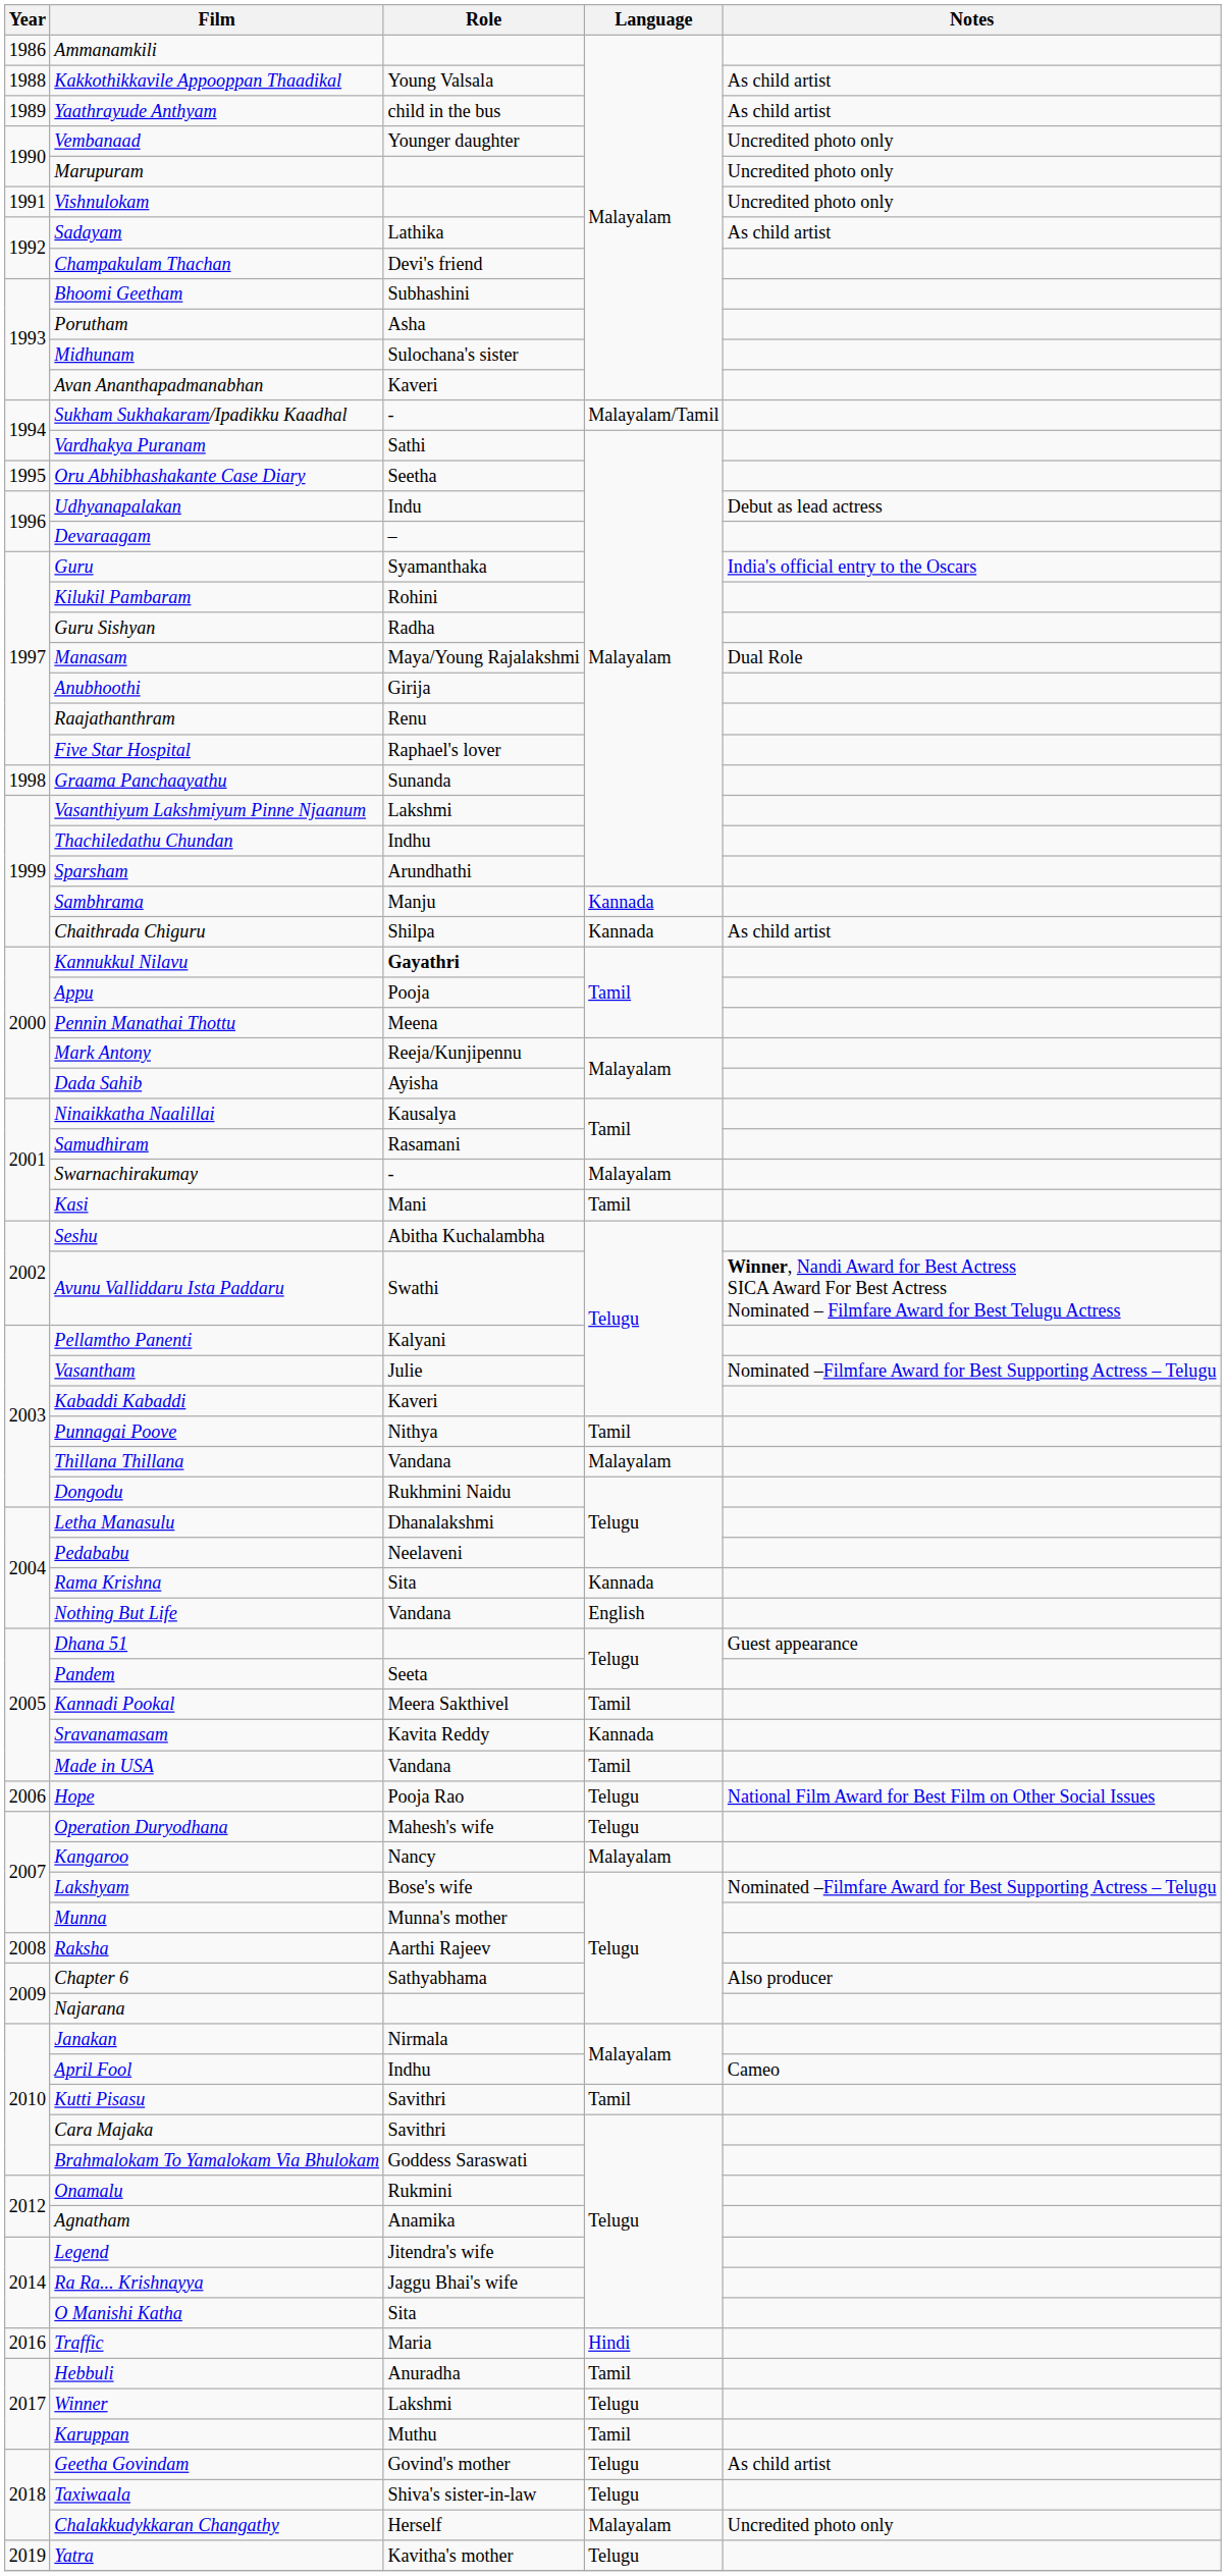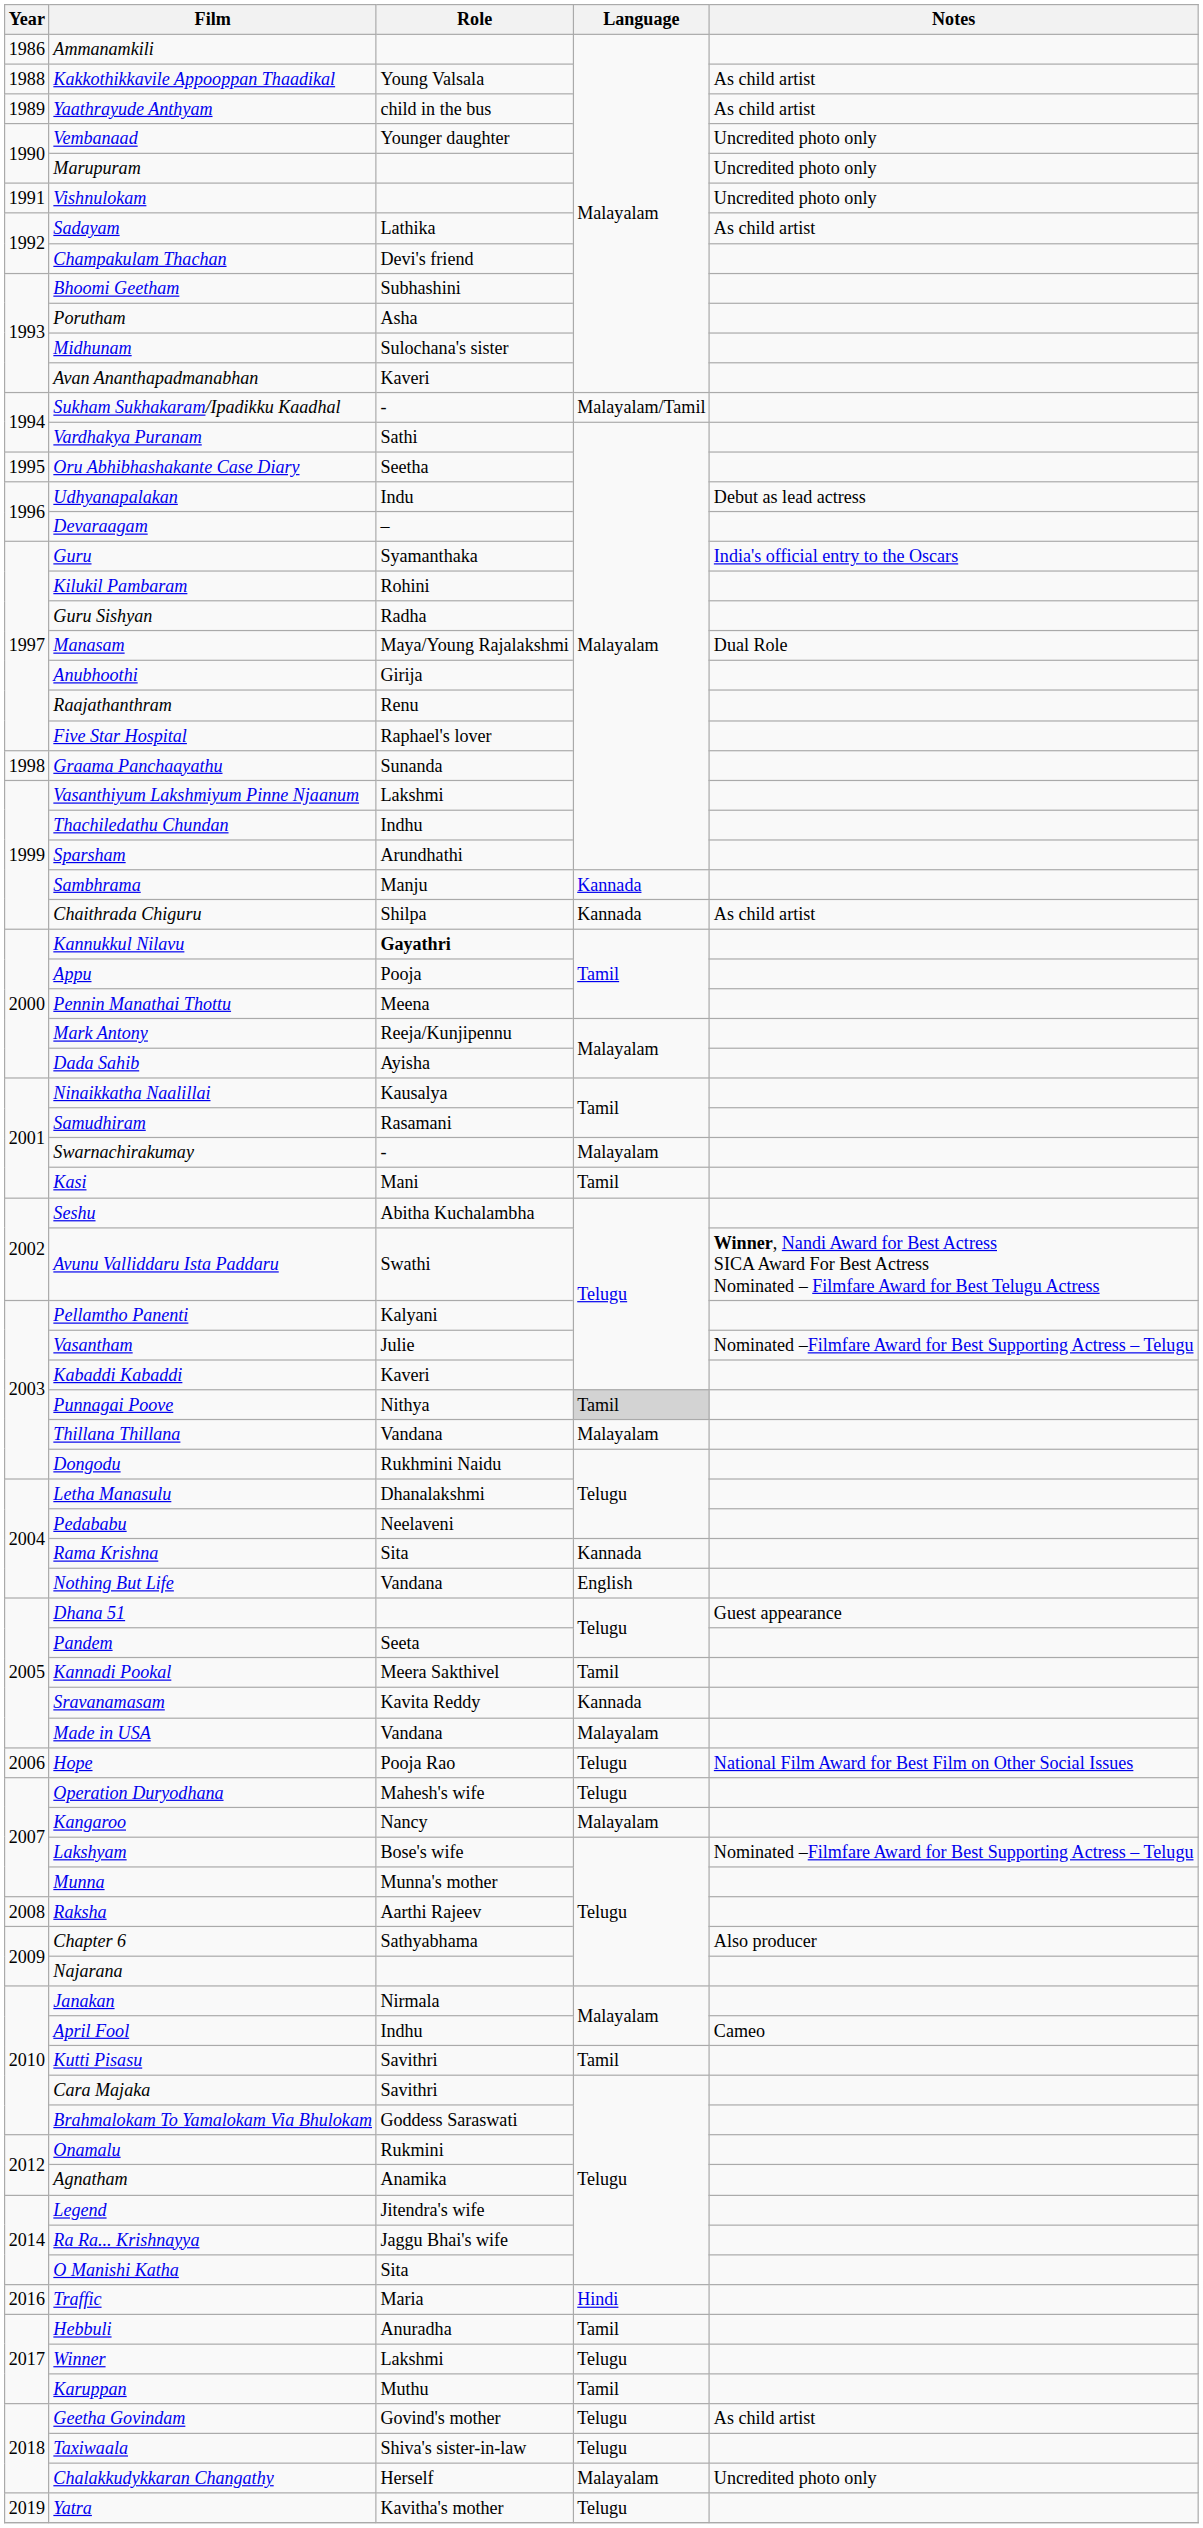 <table class="wikitable sortable" style="font-size: 95%;">
 <tr>
 <th>Year</th>
 <th>Film</th>
 <th>Role</th>
 <th>Language</th>
 <th>Notes</th>
 </tr>
 <tr>
 <td>1986</td>
 <td><em>Ammanamkili</em></td>
 <td></td>
 <td rowspan="12">Malayalam</td>
 <td></td>
 </tr>
 <tr>
 <td>1988</td>
 <td><em><a href='#'>Kakkothikkavile Appooppan Thaadikal</a></em></td>
 <td>Young Valsala</td>
 <td>As child artist</td>
 </tr>
 <tr>
 <td>1989</td>
 <td><em><a href='#'>Yaathrayude Anthyam</a></em></td>
 <td>child in the bus</td>
 <td>As child artist</td>
 </tr>
 <tr>
 <td rowspan="2">1990</td>
 <td><em><a href='#'>Vembanaad</a></em></td>
 <td>Younger daughter</td>
 <td>Uncredited photo only</td>
 </tr>
 <tr>
 <td><em>Marupuram</em></td>
 <td></td>
 <td>Uncredited photo only</td>
 </tr>
 <tr>
 <td>1991</td>
 <td><em><a href='#'>Vishnulokam</a></em></td>
 <td></td>
 <td>Uncredited photo only</td>
 </tr>
 <tr>
 <td rowspan="2">1992</td>
 <td><em><a href='#'>Sadayam</a></em></td>
 <td>Lathika</td>
 <td>As child artist</td>
 </tr>
 <tr>
 <td><em><a href='#'>Champakulam Thachan</a></em></td>
 <td>Devi's friend</td>
 <td></td>
 </tr>
 <tr>
 <td rowspan="4">1993</td>
 <td><em><a href='#'>Bhoomi Geetham</a></em></td>
 <td>Subhashini</td>
 <td></td>
 </tr>
 <tr>
 <td><em>Porutham </em></td>
 <td>Asha</td>
 <td></td>
 </tr>
 <tr>
 <td><em><a href='#'>Midhunam</a></em></td>
 <td>Sulochana's sister</td>
 <td></td>
 </tr>
 <tr>
 <td><em>Avan Ananthapadmanabhan</em></td>
 <td>Kaveri</td>
 <td></td>
 </tr>
 <tr>
 <td rowspan="2">1994</td>
 <td><em><a href='#'>Sukham Sukhakaram</a>/Ipadikku Kaadhal</em></td>
 <td>-</td>
 <td>Malayalam/Tamil</td>
 <td></td>
 </tr>
 <tr>
 <td><em><a href='#'>Vardhakya Puranam</a></em></td>
 <td>Sathi</td>
 <td rowspan="15">Malayalam</td>
 <td></td>
 </tr>
 <tr>
 <td>1995</td>
 <td><em><a href='#'>Oru Abhibhashakante Case Diary</a></em></td>
 <td>Seetha</td>
 <td></td>
 </tr>
 <tr>
 <td rowspan="2">1996</td>
 <td><em><a href='#'>Udhyanapalakan</a></em></td>
 <td>Indu</td>
 <td>Debut as lead actress</td>
 </tr>
 <tr>
 <td><em><a href='#'>Devaraagam</a></em></td>
 <td>–</td>
 <td></td>
 </tr>
 <tr>
 <td rowspan="7">1997</td>
 <td><em><a href='#'>Guru</a></em></td>
 <td>Syamanthaka</td>
 <td><a href='#'>India's official entry to the Oscars</a></td>
 </tr>
 <tr>
 <td><em><a href='#'>Kilukil Pambaram</a></em></td>
 <td>Rohini</td>
 <td></td>
 </tr>
 <tr>
 <td><em>Guru Sishyan</em></td>
 <td>Radha</td>
 <td></td>
 </tr>
 <tr>
 <td><em><a href='#'>Manasam</a></em></td>
 <td>Maya/Young Rajalakshmi</td>
 <td>Dual Role</td>
 </tr>
 <tr>
 <td><em><a href='#'>Anubhoothi</a></em></td>
 <td>Girija</td>
 <td></td>
 </tr>
 <tr>
 <td><em>Raajathanthram</em></td>
 <td>Renu</td>
 <td></td>
 </tr>
 <tr>
 <td><em><a href='#'>Five Star Hospital</a></em></td>
 <td>Raphael's lover</td>
 <td></td>
 </tr>
 <tr>
 <td>1998</td>
 <td><em><a href='#'>Graama Panchaayathu</a></em></td>
 <td>Sunanda</td>
 <td></td>
 </tr>
 <tr>
 <td rowspan="5">1999</td>
 <td><em><a href='#'>Vasanthiyum Lakshmiyum Pinne Njaanum</a></em></td>
 <td>Lakshmi</td>
 <td></td>
 </tr>
 <tr>
 <td><em><a href='#'>Thachiledathu Chundan</a></em></td>
 <td>Indhu</td>
 <td></td>
 </tr>
 <tr>
 <td><em><a href='#'>Sparsham</a></em></td>
 <td>Arundhathi</td>
 <td></td>
 </tr>
 <tr>
 <td><em><a href='#'>Sambhrama</a></em></td>
 <td>Manju</td>
 <td><a href='#'>Kannada</a></td>
 <td></td>
 </tr>
 <tr>
 <td><em>Chaithrada Chiguru</em></td>
 <td>Shilpa</td>
 <td>Kannada</td>
 <td>As child artist</td>
 </tr>
 <tr>
 <td rowspan="5">2000</td>
 <td><em><a href='#'>Kannukkul Nilavu</a></em></td>
 <td><strong>Gayathri</strong></td>
 <td rowspan="3"><a href='#'>Tamil</a></td>
 <td></td>
 </tr>
 <tr>
 <td><em><a href='#'>Appu</a></em></td>
 <td>Pooja</td>
 <td></td>
 </tr>
 <tr>
 <td><em><a href='#'>Pennin Manathai Thottu</a></em></td>
 <td>Meena</td>
 <td></td>
 </tr>
 <tr>
 <td><em><a href='#'>Mark Antony</a></em></td>
 <td>Reeja/Kunjipennu</td>
 <td rowspan="2">Malayalam</td>
 <td></td>
 </tr>
 <tr>
 <td><em><a href='#'>Dada Sahib</a></em></td>
 <td>Ayisha</td>
 <td></td>
 </tr>
 <tr>
 <td rowspan="4">2001</td>
 <td><em><a href='#'>Ninaikkatha Naalillai</a></em></td>
 <td>Kausalya</td>
 <td rowspan="2">Tamil</td>
 <td></td>
 </tr>
 <tr>
 <td><em><a href='#'>Samudhiram</a></em></td>
 <td>Rasamani</td>
 <td></td>
 </tr>
 <tr>
 <td><em>Swarnachirakumay</em></td>
 <td>-</td>
 <td>Malayalam</td>
 <td></td>
 </tr>
 <tr>
 <td><em><a href='#'>Kasi</a></em></td>
 <td>Mani</td>
 <td>Tamil</td>
 <td></td>
 </tr>
 <tr>
 <td rowspan="2">2002</td>
 <td><em><a href='#'>Seshu</a></em></td>
 <td>Abitha Kuchalambha</td>
 <td rowspan="5"><a href='#'>Telugu</a></td>
 <td></td>
 </tr>
 <tr>
 <td><em><a href='#'>Avunu Valliddaru Ista Paddaru</a></em></td>
 <td>Swathi</td>
 <td><strong>Winner</strong>, <a href='#'>Nandi Award for Best Actress</a><br>SICA Award For Best Actress <br>Nominated – <a href='#'>Filmfare Award for Best Telugu Actress</a></td>
 </tr>
 <tr>
 <td rowspan="6">2003</td>
 <td><em><a href='#'>Pellamtho Panenti</a></em></td>
 <td>Kalyani</td>
 <td></td>
 </tr>
 <tr>
 <td><em><a href='#'>Vasantham</a></em></td>
 <td>Julie</td>
 <td>Nominated –<a href='#'>Filmfare Award for Best Supporting Actress – Telugu</a></td>
 </tr>
 <tr>
 <td><em><a href='#'>Kabaddi Kabaddi</a></em></td>
 <td>Kaveri</td>
 <td></td>
 </tr>
 <tr>
 <td><em><a href='#'>Punnagai Poove</a></em></td>
 <td>Nithya</td>
-<td>Tamil</td>
+<td style="background: lightgrey;">Tamil</td>
 <td></td>
 </tr>
 <tr>
 <td><em><a href='#'>Thillana Thillana</a></em></td>
 <td>Vandana</td>
 <td>Malayalam</td>
 <td></td>
 </tr>
 <tr>
 <td><em><a href='#'>Dongodu</a></em></td>
 <td>Rukhmini Naidu</td>
 <td rowspan="3">Telugu</td>
 <td></td>
 </tr>
 <tr>
 <td rowspan="4">2004</td>
 <td><em><a href='#'>Letha Manasulu</a></em></td>
 <td>Dhanalakshmi</td>
 <td></td>
 </tr>
 <tr>
 <td><em><a href='#'>Pedababu</a></em></td>
 <td>Neelaveni</td>
 <td></td>
 </tr>
 <tr>
 <td><em><a href='#'>Rama Krishna</a></em></td>
 <td>Sita</td>
 <td>Kannada</td>
 <td></td>
 </tr>
 <tr>
 <td><em><a href='#'>Nothing But Life</a></em></td>
 <td>Vandana</td>
 <td>English</td>
 <td></td>
 </tr>
 <tr>
 <td rowspan="5">2005</td>
 <td><em><a href='#'>Dhana 51</a></em></td>
 <td></td>
 <td rowspan="2">Telugu</td>
 <td>Guest appearance</td>
 </tr>
 <tr>
 <td><em><a href='#'>Pandem</a></em></td>
 <td>Seeta</td>
 <td></td>
 </tr>
 <tr>
 <td><em><a href='#'>Kannadi Pookal</a></em></td>
 <td>Meera Sakthivel</td>
 <td>Tamil</td>
 <td></td>
 </tr>
 <tr>
 <td><em><a href='#'>Sravanamasam</a></em></td>
 <td>Kavita Reddy</td>
 <td>Kannada</td>
 <td></td>
 </tr>
 <tr>
 <td><em><a href='#'>Made in USA</a></em></td>
 <td>Vandana</td>
-<td>Tamil</td>
+<td>Malayalam</td>
 <td></td>
 </tr>
 <tr>
 <td>2006</td>
 <td><em><a href='#'>Hope</a></em></td>
 <td>Pooja Rao</td>
 <td>Telugu</td>
 <td><a href='#'>National Film Award for Best Film on Other Social Issues</a></td>
 </tr>
 <tr>
 <td rowspan="4">2007</td>
 <td><em><a href='#'>Operation Duryodhana</a></em></td>
 <td>Mahesh's wife</td>
 <td>Telugu</td>
 <td></td>
 </tr>
 <tr>
 <td><em><a href='#'>Kangaroo</a></em></td>
 <td>Nancy</td>
 <td>Malayalam</td>
 <td></td>
 </tr>
 <tr>
 <td><em><a href='#'>Lakshyam</a></em></td>
 <td>Bose's wife</td>
 <td rowspan="5">Telugu</td>
 <td>Nominated –<a href='#'>Filmfare Award for Best Supporting Actress – Telugu</a></td>
 </tr>
 <tr>
 <td><em><a href='#'>Munna</a></em></td>
 <td>Munna's mother</td>
 <td></td>
 </tr>
 <tr>
 <td>2008</td>
 <td><em><a href='#'>Raksha</a></em></td>
 <td>Aarthi Rajeev</td>
 <td></td>
 </tr>
 <tr>
 <td rowspan="2">2009</td>
 <td><em>Chapter 6</em></td>
 <td>Sathyabhama</td>
 <td>Also producer</td>
 </tr>
 <tr>
 <td><em>Najarana</em></td>
 <td></td>
 <td></td>
 </tr>
 <tr>
 <td rowspan="5">2010</td>
 <td><em><a href='#'>Janakan</a></em></td>
 <td>Nirmala</td>
 <td rowspan="2">Malayalam</td>
 <td></td>
 </tr>
 <tr>
 <td><em><a href='#'>April Fool</a></em></td>
 <td>Indhu</td>
 <td>Cameo</td>
 </tr>
 <tr>
 <td><em><a href='#'>Kutti Pisasu</a></em></td>
 <td>Savithri</td>
 <td>Tamil</td>
 <td></td>
 </tr>
 <tr>
 <td><em>Cara Majaka</em></td>
 <td>Savithri</td>
 <td rowspan="7">Telugu</td>
 <td></td>
 </tr>
 <tr>
 <td><em><a href='#'>Brahmalokam To Yamalokam Via Bhulokam</a></em></td>
 <td>Goddess Saraswati</td>
 <td></td>
 </tr>
 <tr>
 <td rowspan="2">2012</td>
 <td><em><a href='#'>Onamalu</a></em></td>
 <td>Rukmini</td>
 <td></td>
 </tr>
 <tr>
 <td><em>Agnatham</em></td>
 <td>Anamika</td>
 <td></td>
 </tr>
 <tr>
 <td rowspan="3">2014</td>
 <td><em><a href='#'>Legend</a></em></td>
 <td>Jitendra's wife</td>
 <td></td>
 </tr>
 <tr>
 <td><em><a href='#'>Ra Ra... Krishnayya</a></em></td>
 <td>Jaggu Bhai's wife</td>
 <td></td>
 </tr>
 <tr>
 <td><em><a href='#'>O Manishi Katha</a></em></td>
 <td>Sita</td>
 <td></td>
 </tr>
 <tr>
 <td>2016</td>
 <td><em><a href='#'>Traffic</a></em></td>
 <td>Maria</td>
 <td><a href='#'>Hindi</a></td>
 <td></td>
 </tr>
 <tr>
 <td rowspan="3">2017</td>
 <td><em><a href='#'>Hebbuli</a></em></td>
 <td>Anuradha</td>
 <td>Tamil</td>
 <td></td>
 </tr>
 <tr>
 <td><em><a href='#'>Winner</a></em></td>
 <td>Lakshmi</td>
 <td>Telugu</td>
 <td></td>
 </tr>
 <tr>
 <td><em><a href='#'>Karuppan</a></em></td>
 <td>Muthu</td>
 <td>Tamil</td>
 <td></td>
 </tr>
 <tr>
 <td rowspan=3>2018</td>
 <td><em><a href='#'>Geetha Govindam</a></em></td>
 <td>Govind's mother</td>
 <td>Telugu</td>
 <td>As child artist</td>
 </tr>
 <tr>
 <td><em><a href='#'>Taxiwaala</a></em></td>
 <td>Shiva's sister-in-law</td>
 <td>Telugu</td>
 <td></td>
 </tr>
 <tr>
 <td><em><a href='#'>Chalakkudykkaran Changathy</a></em></td>
 <td>Herself</td>
 <td>Malayalam</td>
 <td>Uncredited photo only</td>
 </tr>
 <tr>
 <td>2019</td>
 <td><em><a href='#'>Yatra</a></em></td>
 <td>Kavitha's mother</td>
 <td>Telugu</td>
 <td></td>
 </tr>
 <tr>
 </tr>
 </table>
